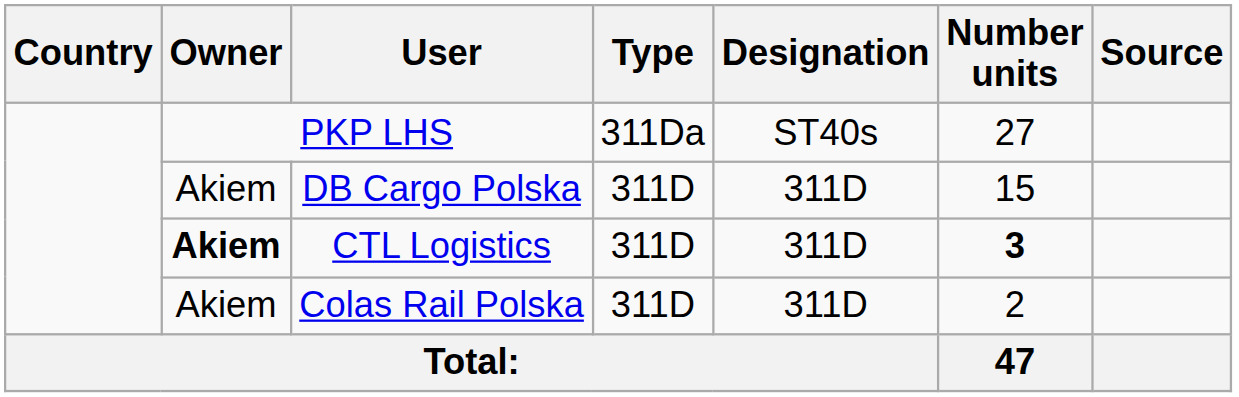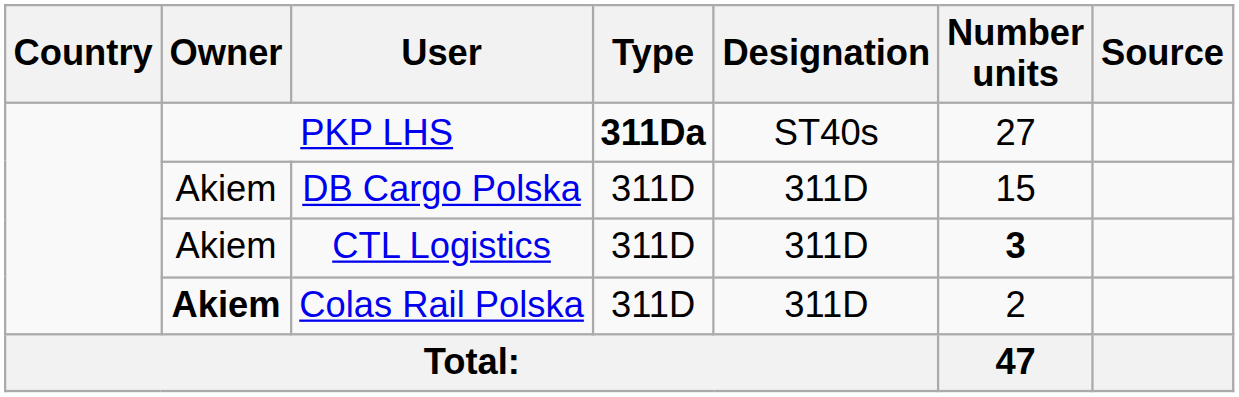 <table class="wikitable" style="text-align:center">
 <tr>
 <th>Country</th>
 <th>Owner</th>
 <th>User</th>
 <th>Type</th>
 <th>Designation</th>
 <th>Number<br>units</th>
 <th>Source</th>
 </tr>
 <tr>
 <td align=left rowspan=4></td>
 <td colspan = 2><a href='#'>PKP LHS</a></td>
-<td>311Da</td>
+<td><strong>311Da</strong></td>
 <td>ST40s</td>
 <td>27</td>
 <td></td>
 </tr>
 <tr>
 <td>Akiem</td>
 <td><a href='#'>DB Cargo Polska</a></td>
 <td>311D</td>
 <td>311D</td>
 <td>15</td>
 <td></td>
 </tr>
 <tr>
-<td><strong>Akiem</strong></td>
+<td>Akiem</td>
 <td><a href='#'>CTL Logistics</a></td>
 <td>311D</td>
 <td>311D</td>
 <td><strong>3</strong></td>
 <td></td>
 </tr>
 <tr>
-<td>Akiem</td>
+<td><strong>Akiem</strong></td>
 <td><a href='#'>Colas Rail Polska</a></td>
 <td>311D</td>
 <td>311D</td>
 <td>2</td>
 <td></td>
 </tr>
 <tr class="sortbottom">
 <th colspan=5>Total:</th>
 <th>47</th>
 <th></th>
 </tr>
 </table>
